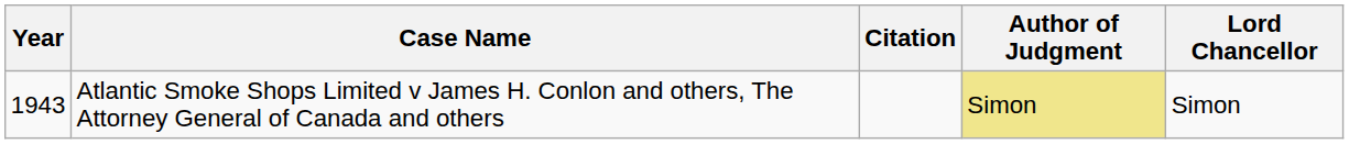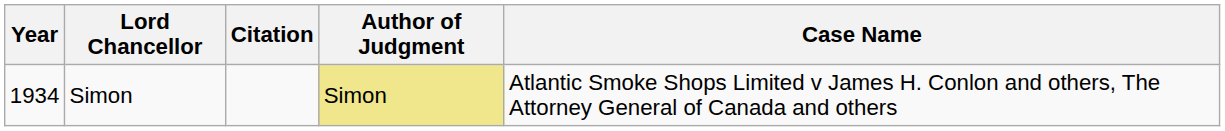 <table class="wikitable sortable" width=99%>
 <tr>
 <th>Year</th>
-<th>Case Name</th>
+<th>Lord Chancellor</th>
 <th>Citation</th>
 <th>Author of Judgment</th>
-<th>Lord Chancellor</th>
+<th>Case Name</th>
 </tr>
 <tr>
-<td>1943</td>
-<td>Atlantic Smoke Shops Limited v James H. Conlon and others, The Attorney General of Canada and others</td>
+<td>1934</td>
+<td>Simon</td>
 <td></td>
 <td style="background: khaki;">Simon</td>
-<td>Simon</td>
+<td>Atlantic Smoke Shops Limited v James H. Conlon and others, The Attorney General of Canada and others</td>
 </tr>
 </table>
